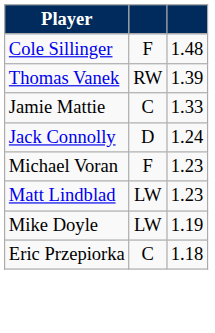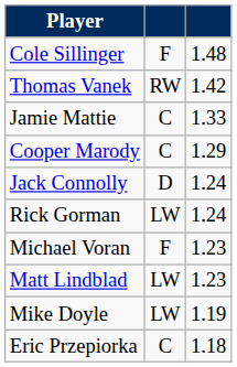 <table class="wikitable" style="text-align:center;">
 <tr>
 <th align="left" style="background:#002b5c; color:#FFFFFF;">Player</th>
 <th style="background:#002b5c; color:#FFFFFF;"></th>
 <th style="background:#002b5c; color:#FFFFFF;"></th>
 </tr>
 <tr>
 <td align="left"><a href='#'>Cole Sillinger</a></td>
 <td>F</td>
 <td>1.48</td>
 </tr>
 <tr>
 <td align="left"><a href='#'>Thomas Vanek</a></td>
 <td>RW</td>
-<td>1.39</td>
+<td>1.42</td>
 </tr>
 <tr>
 <td align="left">Jamie Mattie</td>
 <td>C</td>
 <td>1.33</td>
 </tr>
 <tr>
+<td align="left"><a href='#'>Cooper Marody</a></td>
+<td>C</td>
+<td>1.29</td>
+</tr>
+<tr>
 <td align="left"><a href='#'>Jack Connolly</a></td>
 <td>D</td>
+<td>1.24</td>
+</tr>
+<tr>
+<td align="left">Rick Gorman</td>
+<td>LW</td>
 <td>1.24</td>
 </tr>
 <tr>
 <td align="left">Michael Voran</td>
 <td>F</td>
 <td>1.23</td>
 </tr>
 <tr>
 <td align="left"><a href='#'>Matt Lindblad</a></td>
 <td>LW</td>
 <td>1.23</td>
 </tr>
 <tr>
 <td align="left">Mike Doyle</td>
 <td>LW</td>
 <td>1.19</td>
 </tr>
 <tr>
 <td align="left">Eric Przepiorka</td>
 <td>C</td>
 <td>1.18</td>
 </tr>
 </table>
